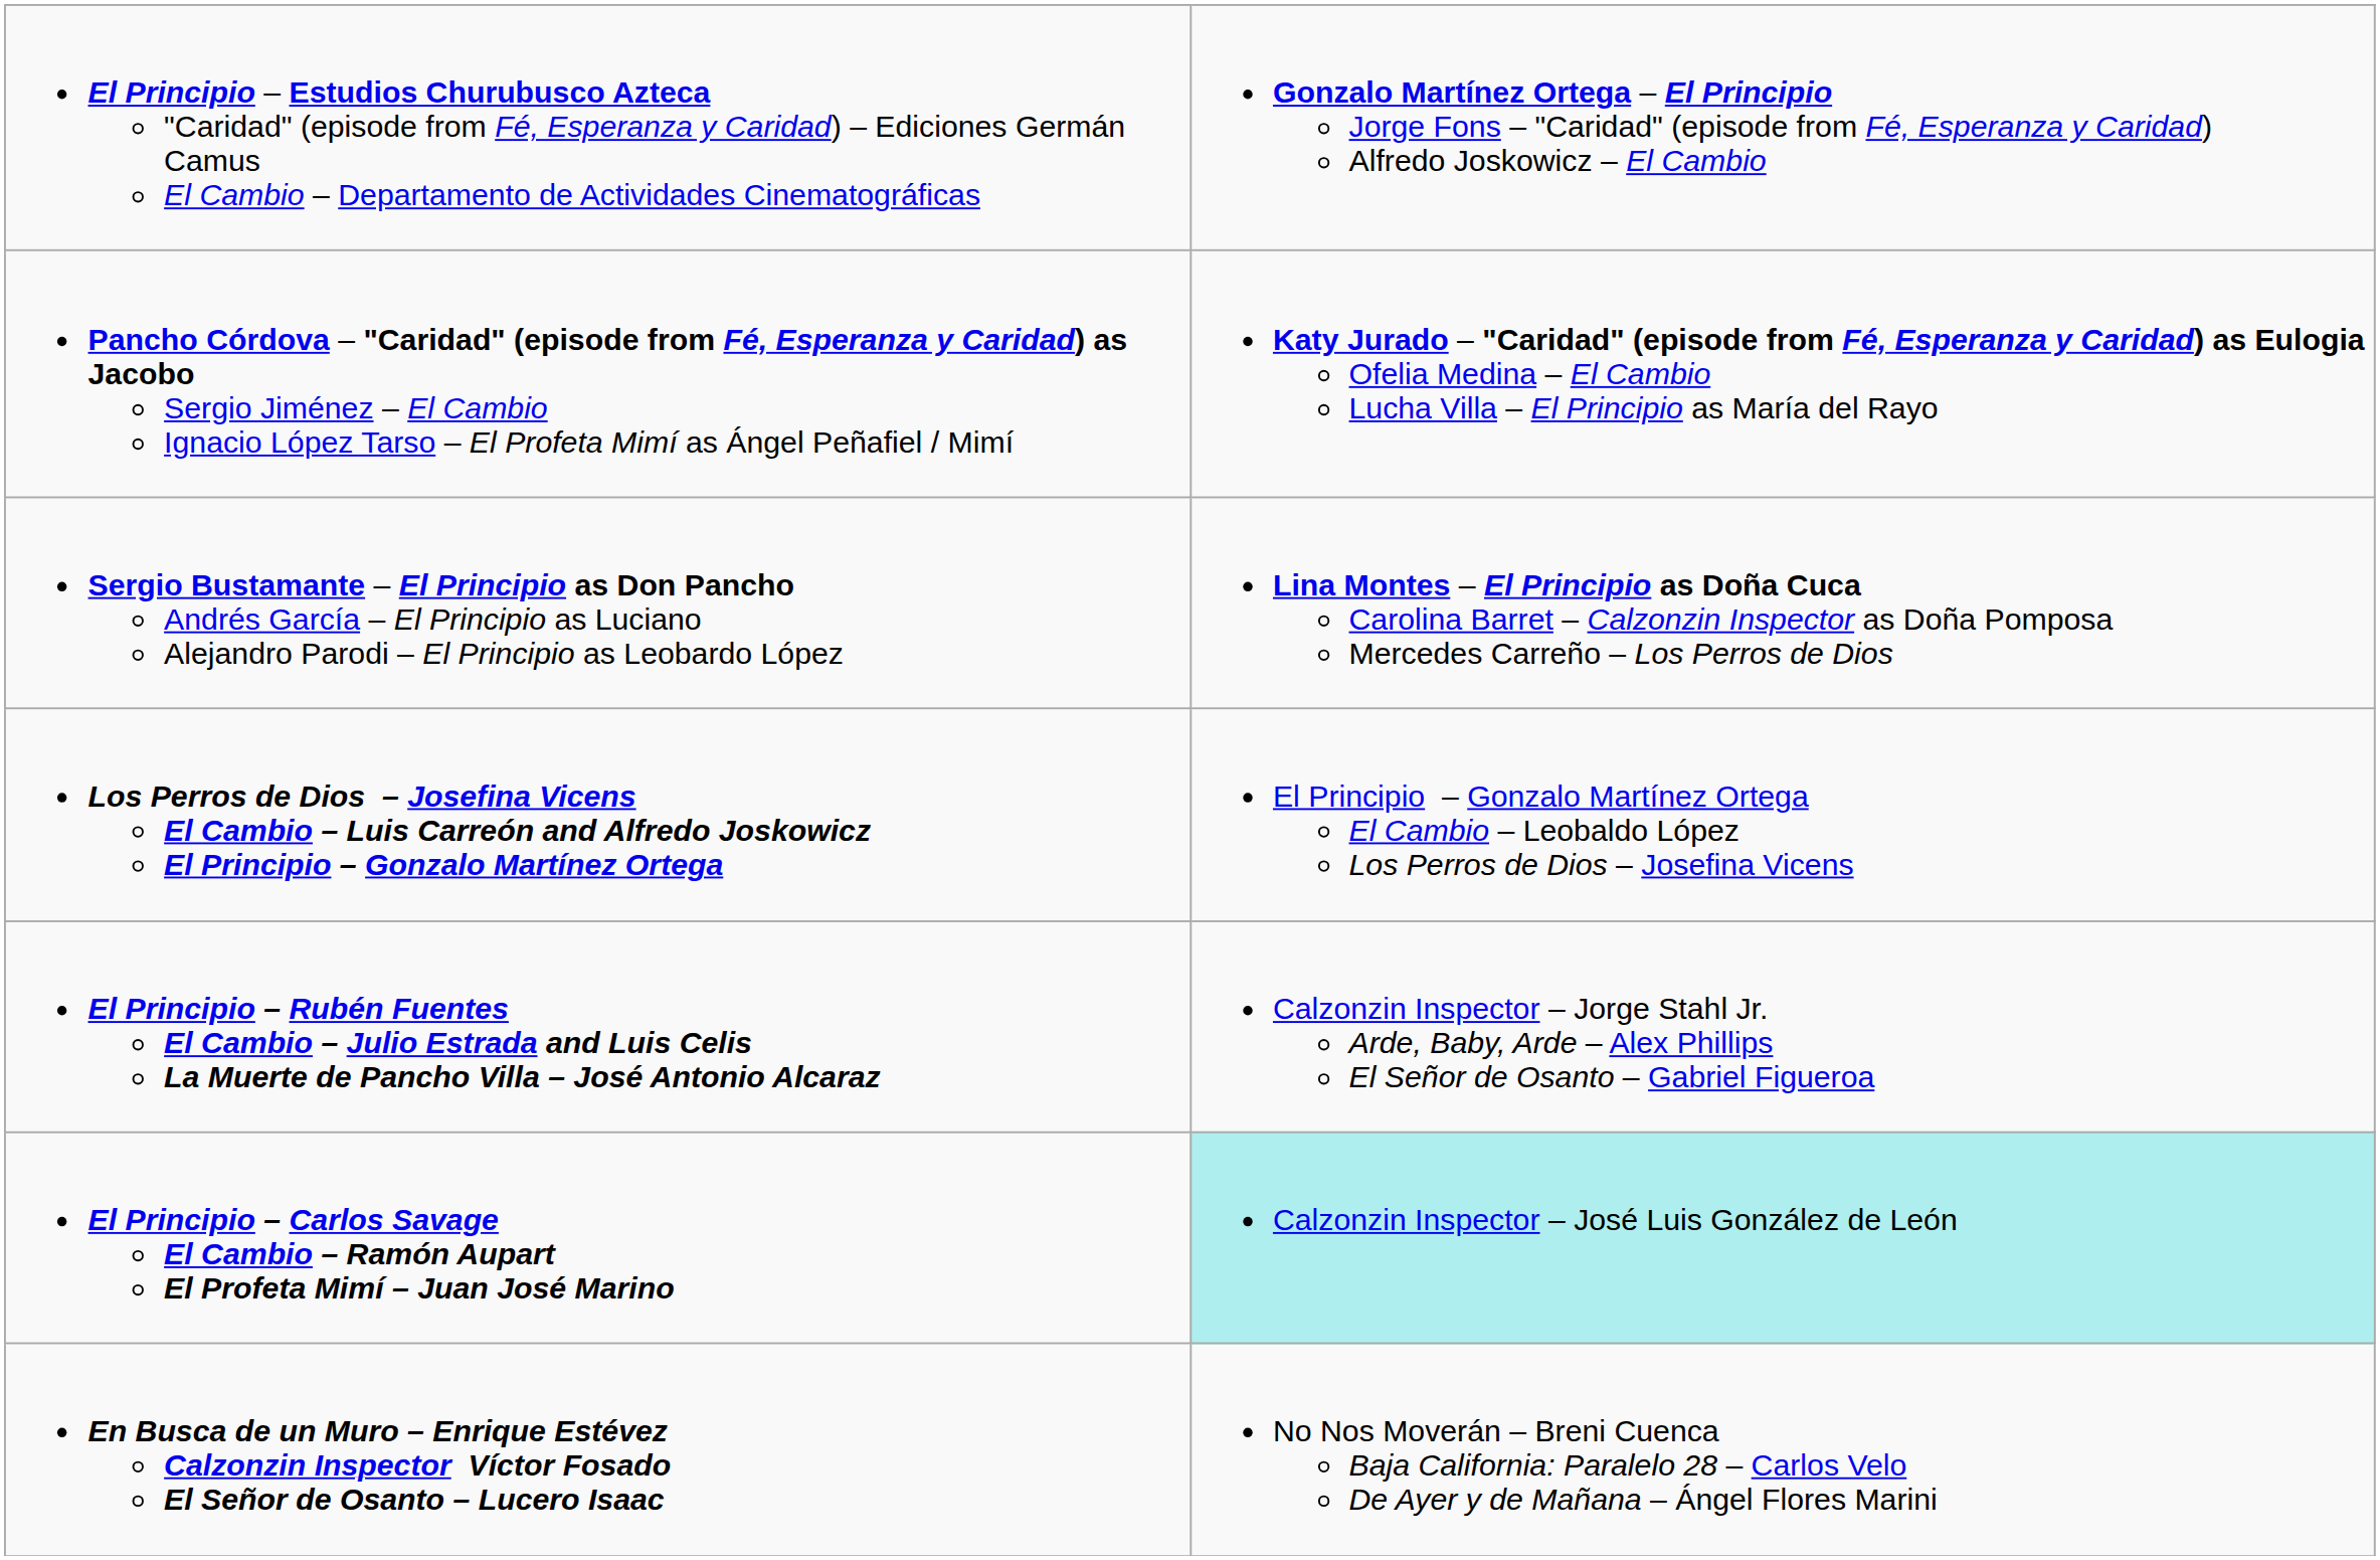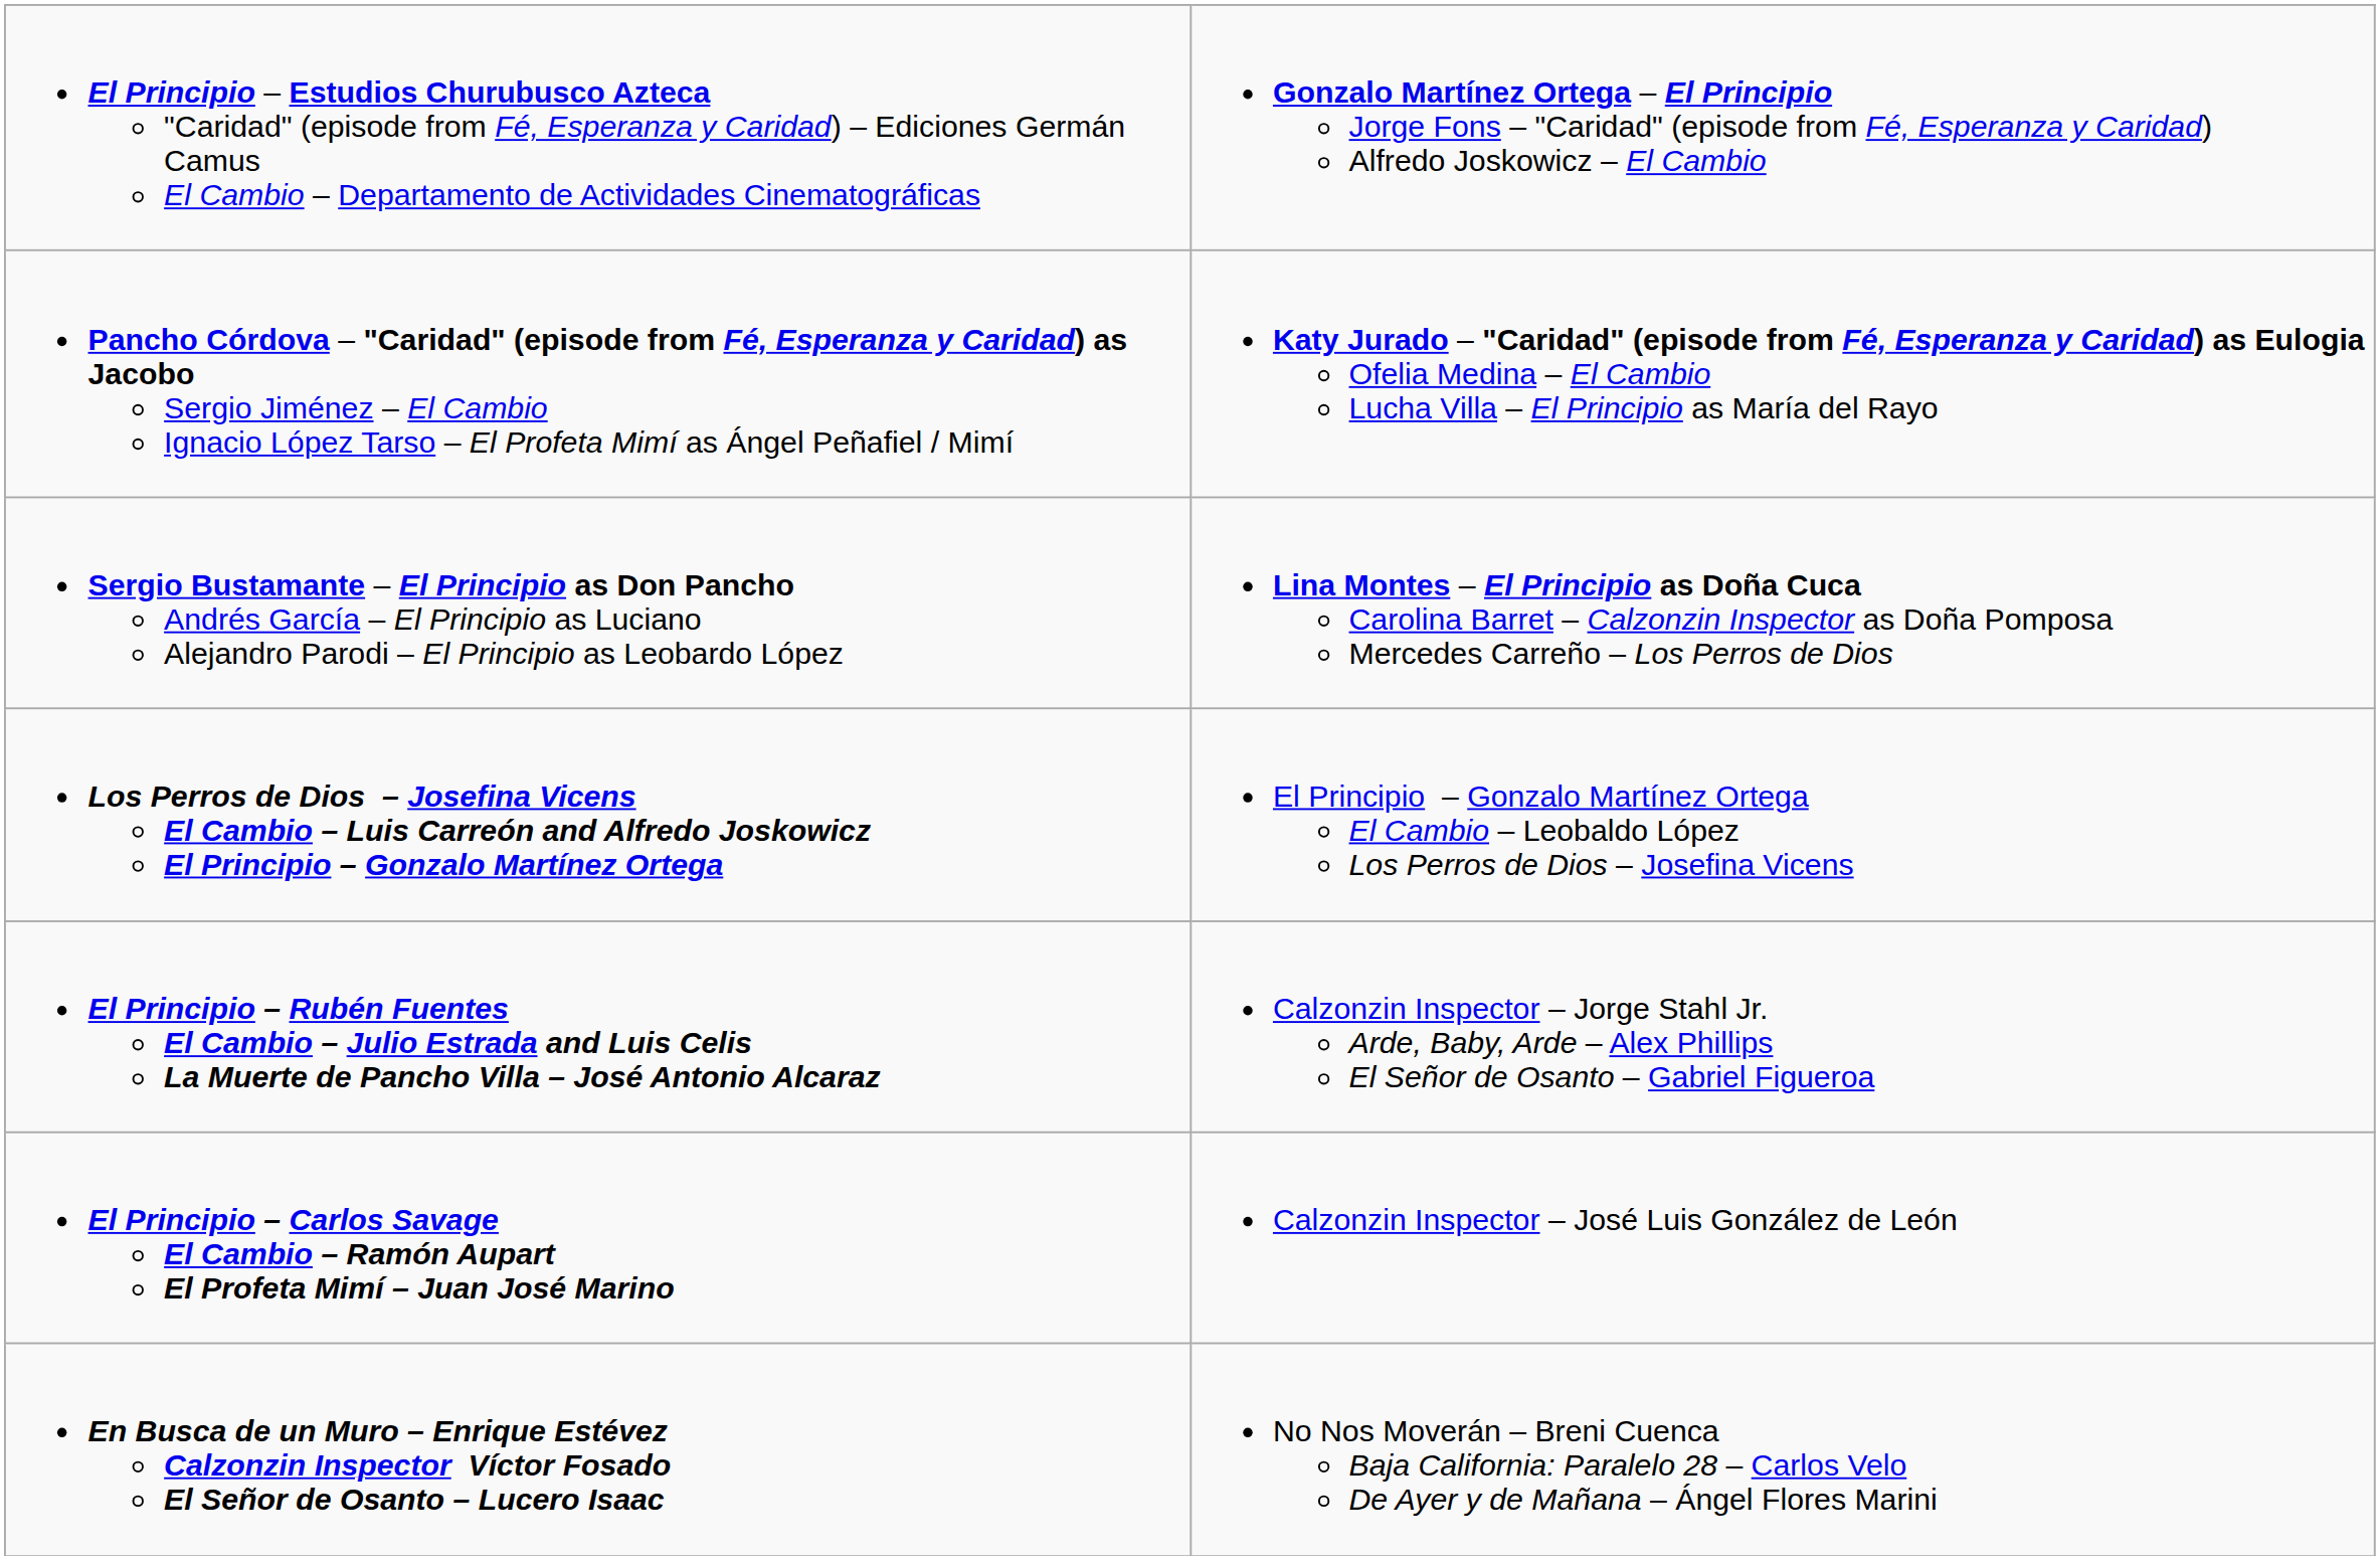 <table class=wikitable>
 <tr>
 <td style="vertical-align:top; width:50%;"><br><ul><li><strong><em><a href='#'>El Principio</a></em></strong> – <strong><a href='#'>Estudios Churubusco Azteca</a></strong><ul><li>"Caridad" (episode from <em><a href='#'>Fé, Esperanza y Caridad</a></em>) – Ediciones Germán Camus</li><li><em><a href='#'>El Cambio</a></em> – <a href='#'>Departamento de Actividades Cinematográficas</a></li></ul></li></ul></td>
 <td style="vertical-align:top; width:50%;"><br><ul><li><strong><a href='#'>Gonzalo Martínez Ortega</a></strong> – <strong><em><a href='#'>El Principio</a></em></strong><ul><li><a href='#'>Jorge Fons</a> – "Caridad" (episode from <em><a href='#'>Fé, Esperanza y Caridad</a></em>)</li><li>Alfredo Joskowicz – <em><a href='#'>El Cambio</a></em></li></ul></li></ul></td>
 </tr>
 <tr>
 <td style="vertical-align:top; width:50%;"><br><ul><li><strong><a href='#'>Pancho Córdova</a></strong> – <strong>"Caridad" (episode from <em><a href='#'>Fé, Esperanza y Caridad</a></em>)</strong> <strong>as Jacobo</strong><ul><li><a href='#'>Sergio Jiménez</a> – <em><a href='#'>El Cambio</a></em></li><li><a href='#'>Ignacio López Tarso</a> – <em>El Profeta Mimí</em> as Ángel Peñafiel / Mimí</li></ul></li></ul></td>
 <td style="vertical-align:top; width:50%;"><br><ul><li><strong><a href='#'>Katy Jurado</a></strong> – <strong>"Caridad" (episode from <em><a href='#'>Fé, Esperanza y Caridad</a></em>)</strong> <strong>as Eulogia</strong><ul><li><a href='#'>Ofelia Medina</a> – <em><a href='#'>El Cambio</a></em></li><li><a href='#'>Lucha Villa</a> – <em><a href='#'>El Principio</a></em> as María del Rayo</li></ul></li></ul></td>
 </tr>
 <tr>
 <td style="vertical-align:top; width:50%;"><br><ul><li><strong><a href='#'>Sergio Bustamante</a></strong> – <strong><em><a href='#'>El Principio</a></em></strong> <strong>as Don Pancho</strong><ul><li><a href='#'>Andrés García</a> – <em>El Principio</em> as Luciano</li><li>Alejandro Parodi – <em>El Principio</em> as Leobardo López</li></ul></li></ul></td>
 <td style="vertical-align:top; width:50%;"><br><ul><li><strong><a href='#'>Lina Montes</a></strong> – <strong><em><a href='#'>El Principio</a></em></strong> <strong>as Doña Cuca</strong><ul><li><a href='#'>Carolina Barret</a> – <em><a href='#'>Calzonzin Inspector</a></em> as Doña Pomposa</li><li>Mercedes Carreño – <em>Los Perros de Dios</em></li></ul></li></ul></td>
 </tr>
 <tr>
 <td style="vertical-align:top; width:50%;"><br><ul><li><strong><em>Los Perros de Dios<em>  – <a href='#'>Josefina Vicens</a><strong><ul><li></em><a href='#'>El Cambio</a><em> – Luis Carreón and Alfredo Joskowicz</li><li></em><a href='#'>El Principio</a><em> – <a href='#'>Gonzalo Martínez Ortega</a></li></ul></li></ul></td>
 <td style="vertical-align:top; width:50%;"><br><ul><li></em></strong><a href='#'>El Principio</a></em>  – <a href='#'>Gonzalo Martínez Ortega</a></strong><ul><li><em><a href='#'>El Cambio</a></em> – Leobaldo López</li><li><em>Los Perros de Dios</em> – <a href='#'>Josefina Vicens</a></li></ul></li></ul></td>
 </tr>
 <tr>
 <td valign="top"><br><ul><li><strong><em><a href='#'>El Principio</a><em> – <a href='#'>Rubén Fuentes</a><strong><ul><li></em><a href='#'>El Cambio</a><em> – <a href='#'>Julio Estrada</a> and Luis Celis</li><li></em>La Muerte de Pancho Villa<em> – José Antonio Alcaraz</li></ul></li></ul></td>
 <td valign="top"><br><ul><li></em></strong><a href='#'>Calzonzin Inspector</a></em> – Jorge Stahl Jr.</strong><ul><li><em>Arde, Baby, Arde</em> – <a href='#'>Alex Phillips</a></li><li><em>El Señor de Osanto</em> – <a href='#'>Gabriel Figueroa</a></li></ul></li></ul></td>
 </tr>
 <tr>
 <td valign="top"><br><ul><li><strong><em><a href='#'>El Principio</a><em> – <a href='#'>Carlos Savage</a><strong><ul><li></em><a href='#'>El Cambio</a><em> – Ramón Aupart</li><li></em>El Profeta Mimí<em> – Juan José Marino</li></ul></li></ul></td>
-<td valign="top" style="background: paleturquoise;"><br><ul><li></em></strong><a href='#'>Calzonzin Inspector</a></em> – José Luis González de León</strong></li></ul></td>
+<td valign="top"><br><ul><li></em></strong><a href='#'>Calzonzin Inspector</a></em> – José Luis González de León</strong></li></ul></td>
 </tr>
 <tr>
 <td valign="top"><br><ul><li><strong><em>En Busca de un Muro<em> – Enrique Estévez<strong><ul><li></em><a href='#'>Calzonzin Inspector</a><em>  Víctor Fosado</li><li></em>El Señor de Osanto<em> – Lucero Isaac</li></ul></li></ul></td>
 <td valign="top"><br><ul><li></em></strong>No Nos Moverán</em> – Breni Cuenca</strong><ul><li><em>Baja California: Paralelo 28</em> – <a href='#'>Carlos Velo</a></li><li><em>De Ayer y de Mañana</em> – Ángel Flores Marini</li></ul></li></ul></td>
 </tr>
 </table>
